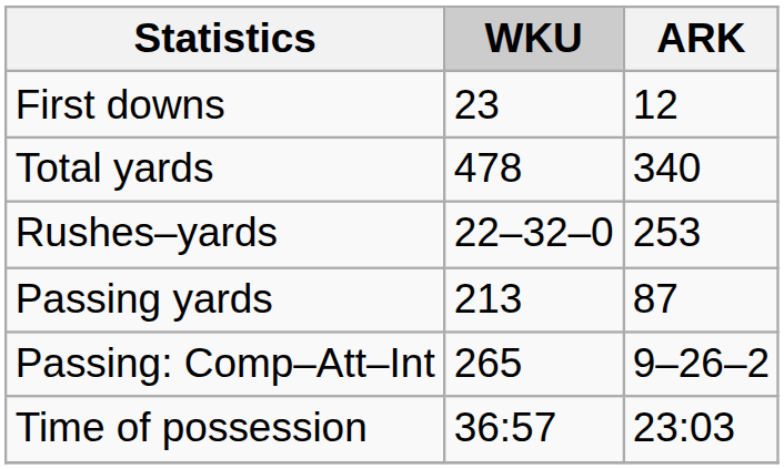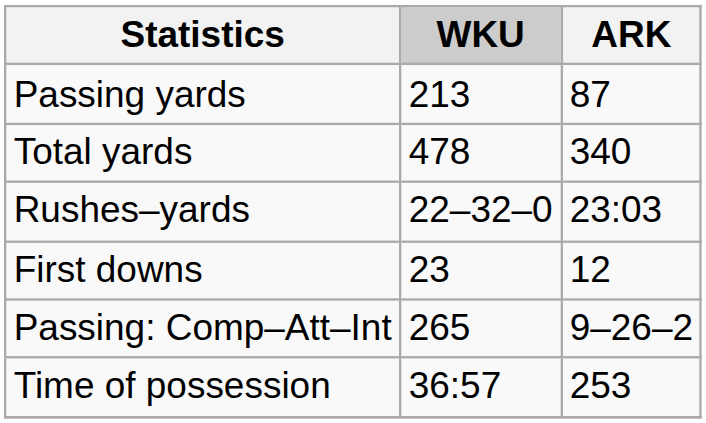 <table class="wikitable" style="float: left;">
 <tr>
 <th>Statistics</th>
 <th style="background:#cccccc; color:#">WKU</th>
 <th>ARK</th>
 </tr>
 <tr>
-<td>First downs</td>
-<td>23</td>
-<td>12</td>
+<td>Passing yards</td>
+<td>213</td>
+<td>87</td>
 </tr>
 <tr>
 <td>Total yards</td>
 <td>478</td>
 <td>340</td>
 </tr>
 <tr>
 <td>Rushes–yards</td>
 <td>22–32–0</td>
-<td>253</td>
+<td>23:03</td>
 </tr>
 <tr>
-<td>Passing yards</td>
-<td>213</td>
-<td>87</td>
+<td>First downs</td>
+<td>23</td>
+<td>12</td>
 </tr>
 <tr>
 <td>Passing: Comp–Att–Int</td>
 <td>265</td>
 <td>9–26–2</td>
 </tr>
 <tr>
 <td>Time of possession</td>
 <td>36:57</td>
-<td>23:03</td>
+<td>253</td>
 </tr>
 <tr>
 </tr>
 </table>
